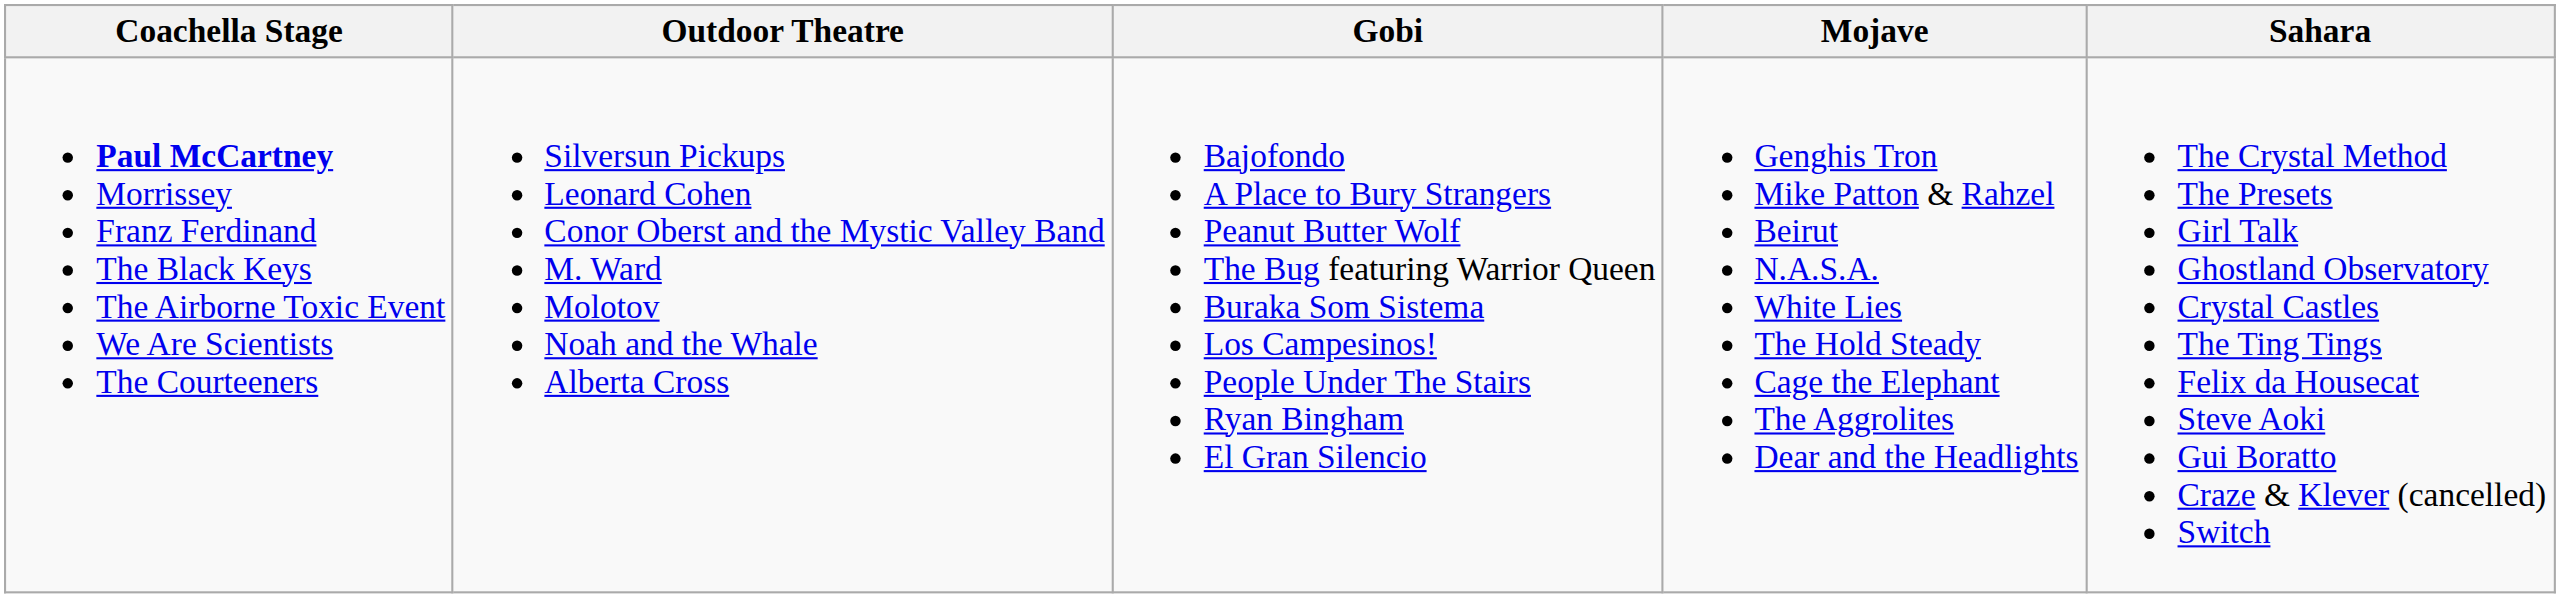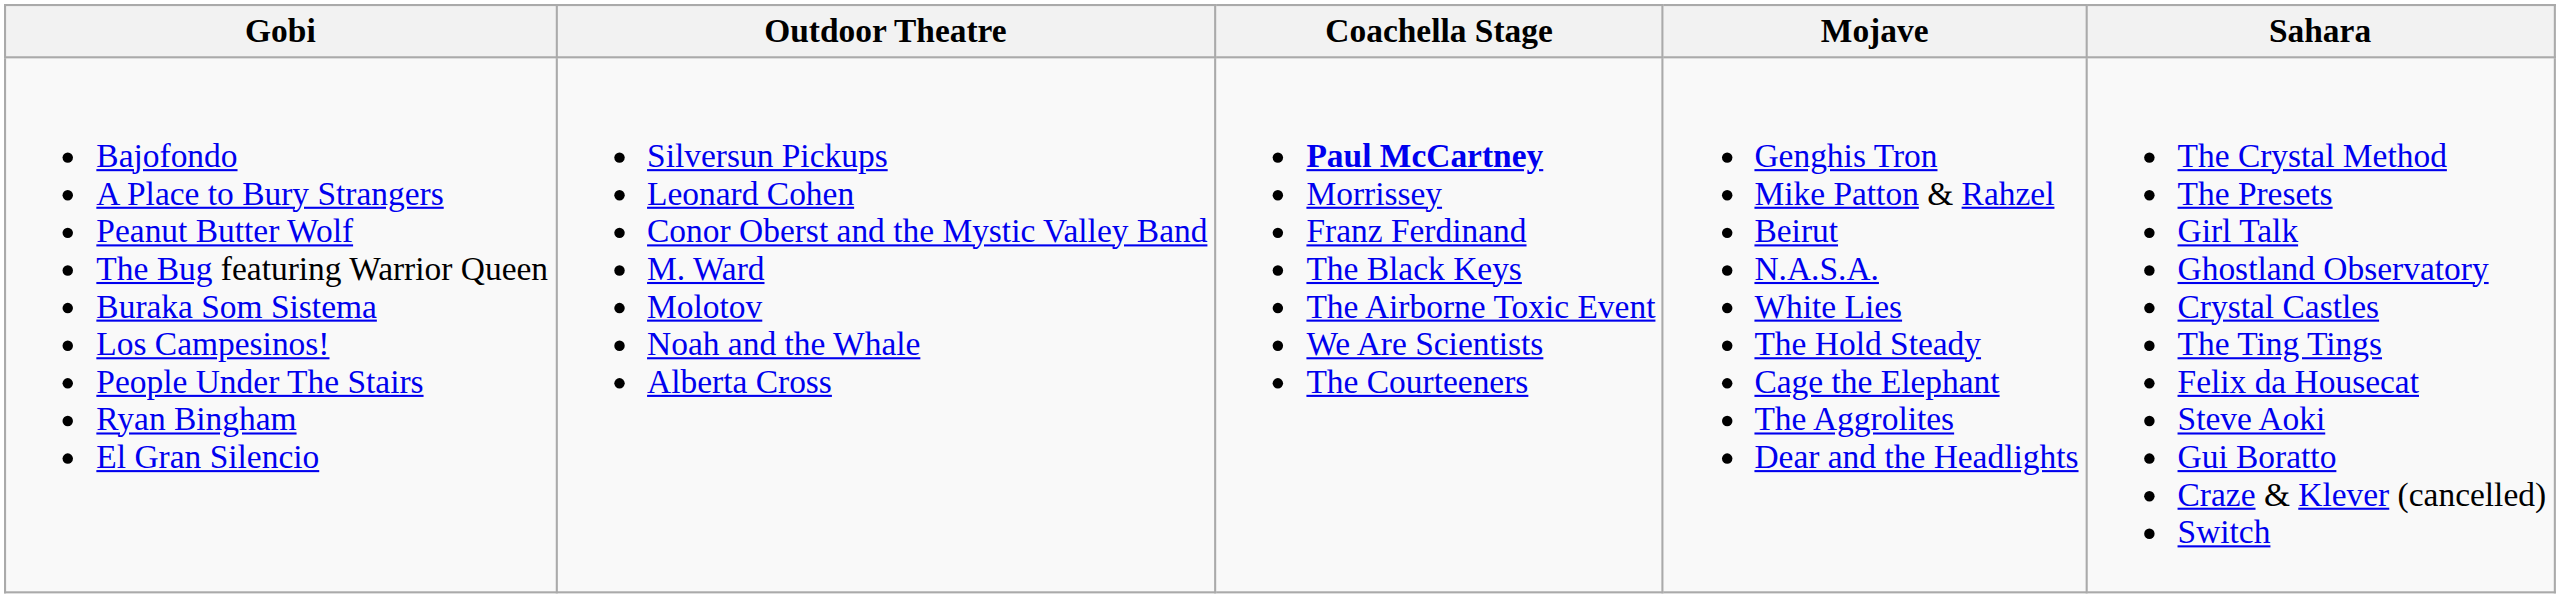 <table class="wikitable">
 <tr>
+<th>Gobi</th>
+<th>Outdoor Theatre</th>
 <th>Coachella Stage</th>
-<th>Outdoor Theatre</th>
-<th>Gobi</th>
 <th>Mojave</th>
 <th>Sahara</th>
 </tr>
 <tr valign="top">
+<td><br><ul><li><a href='#'>Bajofondo</a></li><li><a href='#'>A Place to Bury Strangers</a></li><li><a href='#'>Peanut Butter Wolf</a></li><li><a href='#'>The Bug</a> featuring Warrior Queen</li><li><a href='#'>Buraka Som Sistema</a></li><li><a href='#'>Los Campesinos!</a></li><li><a href='#'>People Under The Stairs</a></li><li><a href='#'>Ryan Bingham</a></li><li><a href='#'>El Gran Silencio</a></li></ul></td>
+<td><br><ul><li><a href='#'>Silversun Pickups</a></li><li><a href='#'>Leonard Cohen</a></li><li><a href='#'>Conor Oberst and the Mystic Valley Band</a></li><li><a href='#'>M. Ward</a></li><li><a href='#'>Molotov</a></li><li><a href='#'>Noah and the Whale</a></li><li><a href='#'>Alberta Cross</a></li></ul></td>
 <td><br><ul><li><strong><a href='#'>Paul McCartney</a></strong></li><li><a href='#'>Morrissey</a></li><li><a href='#'>Franz Ferdinand</a></li><li><a href='#'>The Black Keys</a></li><li><a href='#'>The Airborne Toxic Event</a></li><li><a href='#'>We Are Scientists</a></li><li><a href='#'>The Courteeners</a></li></ul></td>
-<td><br><ul><li><a href='#'>Silversun Pickups</a></li><li><a href='#'>Leonard Cohen</a></li><li><a href='#'>Conor Oberst and the Mystic Valley Band</a></li><li><a href='#'>M. Ward</a></li><li><a href='#'>Molotov</a></li><li><a href='#'>Noah and the Whale</a></li><li><a href='#'>Alberta Cross</a></li></ul></td>
-<td><br><ul><li><a href='#'>Bajofondo</a></li><li><a href='#'>A Place to Bury Strangers</a></li><li><a href='#'>Peanut Butter Wolf</a></li><li><a href='#'>The Bug</a> featuring Warrior Queen</li><li><a href='#'>Buraka Som Sistema</a></li><li><a href='#'>Los Campesinos!</a></li><li><a href='#'>People Under The Stairs</a></li><li><a href='#'>Ryan Bingham</a></li><li><a href='#'>El Gran Silencio</a></li></ul></td>
 <td><br><ul><li><a href='#'>Genghis Tron</a></li><li><a href='#'>Mike Patton</a> & <a href='#'>Rahzel</a></li><li><a href='#'>Beirut</a></li><li><a href='#'>N.A.S.A.</a></li><li><a href='#'>White Lies</a></li><li><a href='#'>The Hold Steady</a></li><li><a href='#'>Cage the Elephant</a></li><li><a href='#'>The Aggrolites</a></li><li><a href='#'>Dear and the Headlights</a></li></ul></td>
 <td><br><ul><li><a href='#'>The Crystal Method</a></li><li><a href='#'>The Presets</a></li><li><a href='#'>Girl Talk</a></li><li><a href='#'>Ghostland Observatory</a></li><li><a href='#'>Crystal Castles</a></li><li><a href='#'>The Ting Tings</a></li><li><a href='#'>Felix da Housecat</a></li><li><a href='#'>Steve Aoki</a></li><li><a href='#'>Gui Boratto</a></li><li><a href='#'>Craze</a> & <a href='#'>Klever</a> (cancelled)</li><li><a href='#'>Switch</a></li></ul></td>
 </tr>
 </table>
